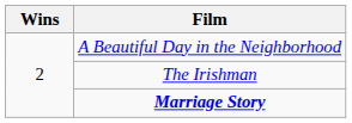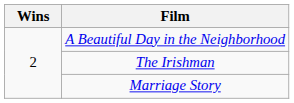 <table class="wikitable plainrowheaders" style="text-align:center;">
 <tr>
 <th scope="col" style="width:55px;">Wins</th>
 <th scope="col" style="text-align:center;">Film</th>
 </tr>
 <tr>
 <td scope=row rowspan=3 style="text-align:center;">2</td>
 <td><em><a href='#'>A Beautiful Day in the Neighborhood</a></em></td>
 </tr>
 <tr>
 <td><em><a href='#'>The Irishman</a></em></td>
 </tr>
 <tr>
-<td><strong><em><a href='#'>Marriage Story</a></em></strong></td>
+<td><em><a href='#'>Marriage Story</a></em></td>
 </tr>
 </table>
